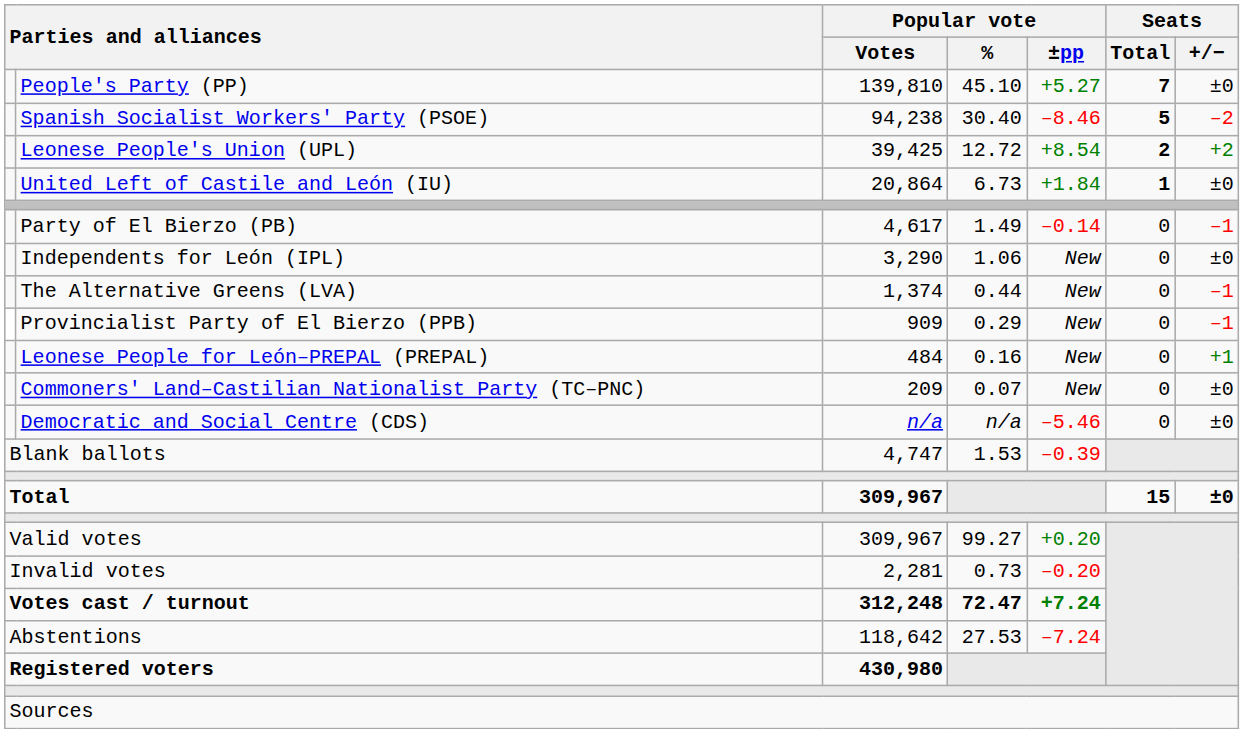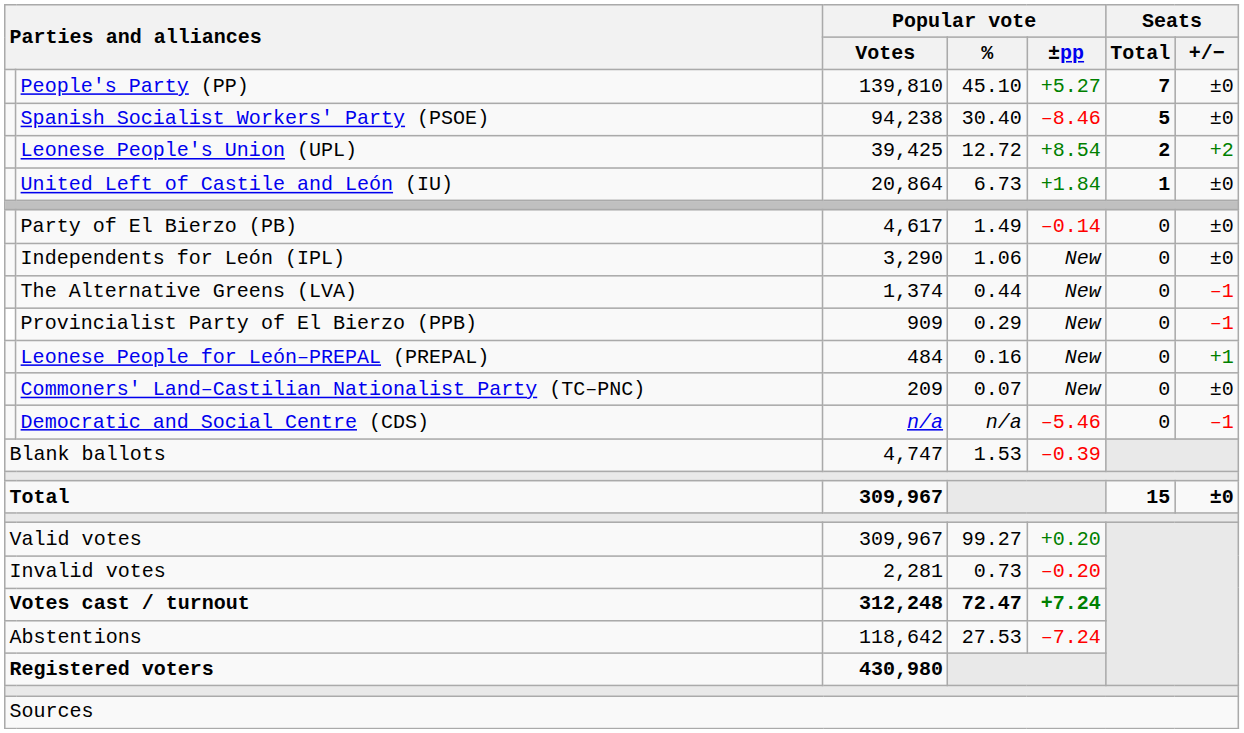 <table class="wikitable" style="text-align:right;">
 <tr>
 <th style="text-align:left;" rowspan="2" colspan="2" width="525">Parties and alliances</th>
 <th colspan="3">Popular vote</th>
 <th colspan="2">Seats</th>
 </tr>
 <tr>
 <th width="75">Votes</th>
 <th width="45">%</th>
 <th width="45">±<a href='#'>pp</a></th>
 <th width="35">Total</th>
 <th width="35">+/−</th>
 </tr>
 <tr>
 <td width="1" style="color:inherit;background:"></td>
 <td align="left"><a href='#'>People's Party</a> (PP)</td>
 <td>139,810</td>
 <td>45.10</td>
 <td style="color:green;">+5.27</td>
 <td><strong>7</strong></td>
 <td>±0</td>
 </tr>
 <tr>
 <td style="color:inherit;background:"></td>
 <td align="left"><a href='#'>Spanish Socialist Workers' Party</a> (PSOE)</td>
 <td>94,238</td>
 <td>30.40</td>
 <td style="color:red;">–8.46</td>
 <td><strong>5</strong></td>
-<td style="color:red;">–2</td>
+<td>±0</td>
 </tr>
 <tr>
 <td style="color:inherit;background:"></td>
 <td align="left"><a href='#'>Leonese People's Union</a> (UPL)</td>
 <td>39,425</td>
 <td>12.72</td>
 <td style="color:green;">+8.54</td>
 <td><strong>2</strong></td>
 <td style="color:green;">+2</td>
 </tr>
 <tr>
 <td style="color:inherit;background:"></td>
 <td align="left"><a href='#'>United Left of Castile and León</a> (IU)</td>
 <td>20,864</td>
 <td>6.73</td>
 <td style="color:green;">+1.84</td>
 <td><strong>1</strong></td>
 <td>±0</td>
 </tr>
 <tr>
 <td colspan="7" bgcolor="#C0C0C0"></td>
 </tr>
 <tr>
 <td style="color:inherit;background:"></td>
 <td align="left">Party of El Bierzo (PB)</td>
 <td>4,617</td>
 <td>1.49</td>
 <td style="color:red;">–0.14</td>
 <td>0</td>
-<td style="color:red;">–1</td>
+<td>±0</td>
 </tr>
 <tr>
 <td style="color:inherit;background:"></td>
 <td align="left">Independents for León (IPL)</td>
 <td>3,290</td>
 <td>1.06</td>
 <td><em>New</em></td>
 <td>0</td>
 <td>±0</td>
 </tr>
 <tr>
 <td style="color:inherit;background:"></td>
 <td align="left">The Alternative Greens (LVA)</td>
 <td>1,374</td>
 <td>0.44</td>
 <td><em>New</em></td>
 <td>0</td>
 <td style="color:red;">–1</td>
 </tr>
 <tr>
 <td bgcolor="white"></td>
 <td align="left">Provincialist Party of El Bierzo (PPB)</td>
 <td>909</td>
 <td>0.29</td>
 <td><em>New</em></td>
 <td>0</td>
 <td style="color:red;">–1</td>
 </tr>
 <tr>
 <td style="color:inherit;background:"></td>
 <td align="left"><a href='#'>Leonese People for León–PREPAL</a> (PREPAL)</td>
 <td>484</td>
 <td>0.16</td>
 <td><em>New</em></td>
 <td>0</td>
 <td style="color:green;">+1</td>
 </tr>
 <tr>
 <td style="color:inherit;background:"></td>
 <td align="left"><a href='#'>Commoners' Land–Castilian Nationalist Party</a> (TC–PNC)</td>
 <td>209</td>
 <td>0.07</td>
 <td><em>New</em></td>
 <td>0</td>
 <td>±0</td>
 </tr>
 <tr>
 <td style="color:inherit;background:"></td>
 <td align="left"><a href='#'>Democratic and Social Centre</a> (CDS)</td>
 <td><em><a href='#'>n/a</a></em></td>
 <td><em>n/a</em></td>
 <td style="color:red;">–5.46</td>
 <td>0</td>
-<td>±0</td>
+<td style="color:red;">–1</td>
 </tr>
 <tr>
 <td align="left" colspan="2">Blank ballots</td>
 <td>4,747</td>
 <td>1.53</td>
 <td style="color:red;">–0.39</td>
 <td bgcolor="#E9E9E9" colspan="2"></td>
 </tr>
 <tr>
 <td colspan="7" bgcolor="#E9E9E9"></td>
 </tr>
 <tr style="font-weight:bold;">
 <td align="left" colspan="2">Total</td>
 <td>309,967</td>
 <td bgcolor="#E9E9E9" colspan="2"></td>
 <td>15</td>
 <td>±0</td>
 </tr>
 <tr>
 <td colspan="7" bgcolor="#E9E9E9"></td>
 </tr>
 <tr>
 <td align="left" colspan="2">Valid votes</td>
 <td>309,967</td>
 <td>99.27</td>
 <td style="color:green;">+0.20</td>
 <td bgcolor="#E9E9E9" colspan="2" rowspan="5"></td>
 </tr>
 <tr>
 <td align="left" colspan="2">Invalid votes</td>
 <td>2,281</td>
 <td>0.73</td>
 <td style="color:red;">–0.20</td>
 </tr>
 <tr style="font-weight:bold;">
 <td align="left" colspan="2">Votes cast / turnout</td>
 <td>312,248</td>
 <td>72.47</td>
 <td style="color:green;">+7.24</td>
 </tr>
 <tr>
 <td align="left" colspan="2">Abstentions</td>
 <td>118,642</td>
 <td>27.53</td>
 <td style="color:red;">–7.24</td>
 </tr>
 <tr style="font-weight:bold;">
 <td align="left" colspan="2">Registered voters</td>
 <td>430,980</td>
 <td bgcolor="#E9E9E9" colspan="2"></td>
 </tr>
 <tr>
 <td colspan="7" bgcolor="#E9E9E9"></td>
 </tr>
 <tr>
 <td align="left" colspan="7">Sources</td>
 </tr>
 </table>
